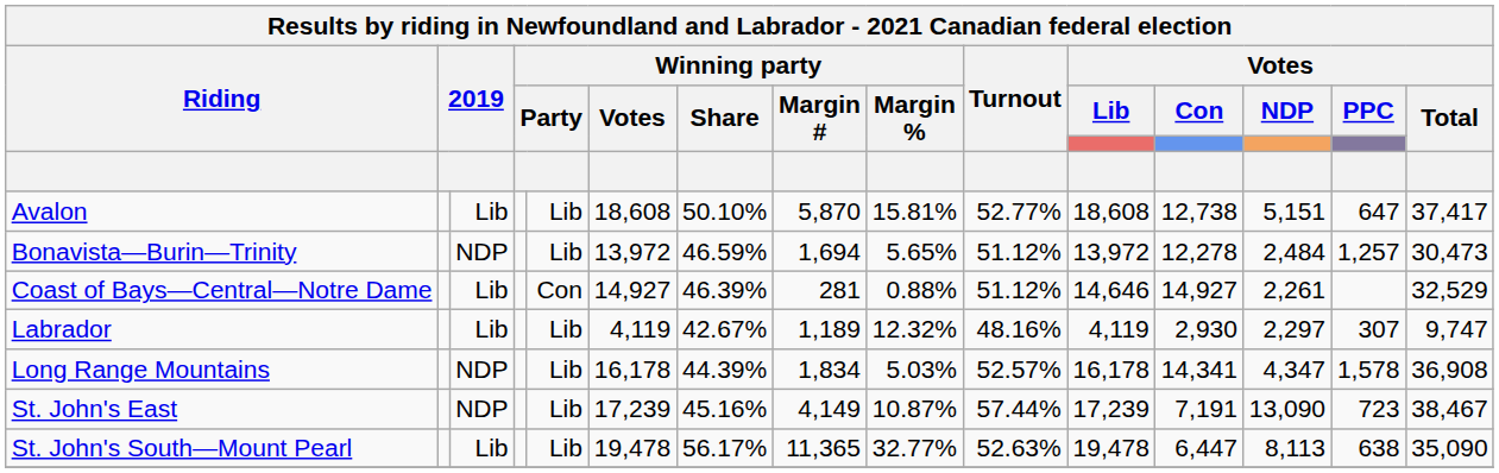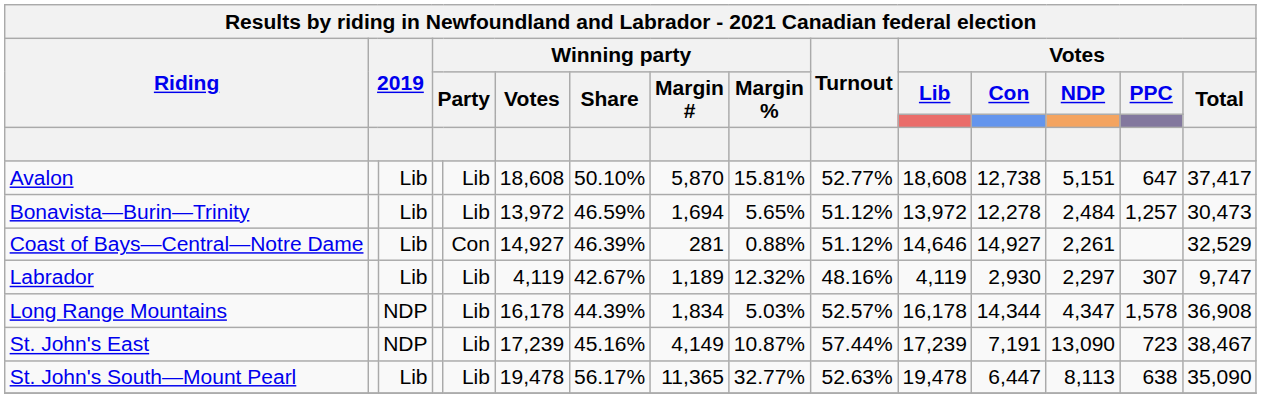 <table class="wikitable sortable mw-collapsible" style="text-align:right; font-size:90%">
 <tr>
 <th colspan="18">Results by riding in Newfoundland and Labrador - 2021 Canadian federal election</th>
 </tr>
 <tr>
 <th rowspan="3" scope="col"><a href='#'>Riding</a></th>
 <th colspan="2" rowspan="3" scope="col"><a href='#'>2019</a></th>
 <th scope="col" colspan="6">Winning party</th>
 <th rowspan="3" scope="col">Turnout<br></th>
 <th scope="col" colspan="8">Votes</th>
 </tr>
 <tr>
 <th colspan="2" rowspan="2" scope="col">Party</th>
 <th rowspan="2" scope="col">Votes</th>
 <th rowspan="2" scope="col">Share</th>
 <th rowspan="2" scope="col">Margin<br>#</th>
 <th rowspan="2" scope="col">Margin<br>%</th>
 <th scope="col"><a href='#'>Lib</a></th>
 <th scope="col"><a href='#'>Con</a></th>
 <th scope="col"><a href='#'>NDP</a></th>
 <th scope="col"><a href='#'>PPC</a></th>
 <th rowspan="2" scope="col">Total</th>
 </tr>
 <tr>
 <th scope="col" style="color:inherit;background-color:#EA6D6A;"></th>
 <th scope="col" style="color:inherit;background-color:#6495ED;"></th>
 <th scope="col" style="color:inherit;background-color:#F4A460;"></th>
 <th scope="col" style="color:inherit;background-color:#83789E;"></th>
 </tr>
 <tr>
 <th> </th>
 <th colspan="2"></th>
 <th colspan="2"></th>
 <th></th>
 <th></th>
 <th></th>
 <th></th>
 <th></th>
 <th></th>
 <th></th>
 <th></th>
 <th></th>
 <th></th>
 </tr>
 <tr>
 <td style="text-align:left;"><a href='#'>Avalon</a></td>
 <td style="color:inherit;background-color:"></td>
 <td>Lib</td>
 <td style="color:inherit;background-color:"></td>
 <td>Lib</td>
 <td>18,608</td>
 <td>50.10%</td>
 <td>5,870</td>
 <td>15.81%</td>
 <td>52.77%</td>
 <td>18,608</td>
 <td>12,738</td>
 <td>5,151</td>
 <td>647</td>
 <td>37,417</td>
 </tr>
 <tr>
 <td style="text-align:left;"><a href='#'> Bonavista—Burin—Trinity</a></td>
 <td style="color:inherit;background-color:"></td>
-<td>NDP</td>
+<td>Lib</td>
 <td style="color:inherit;background-color:"></td>
 <td>Lib</td>
 <td>13,972</td>
 <td>46.59%</td>
 <td>1,694</td>
 <td>5.65%</td>
 <td>51.12%</td>
 <td>13,972</td>
 <td>12,278</td>
 <td>2,484</td>
 <td>1,257</td>
 <td>30,473</td>
 </tr>
 <tr>
 <td style="text-align:left;"><a href='#'>Coast of Bays—Central—Notre Dame</a></td>
 <td style="color:inherit;background-color:"></td>
 <td>Lib</td>
 <td style="color:inherit;background-color:"></td>
 <td>Con</td>
 <td>14,927</td>
 <td>46.39%</td>
 <td>281</td>
 <td>0.88%</td>
 <td>51.12%</td>
 <td>14,646</td>
 <td>14,927</td>
 <td>2,261</td>
 <td></td>
 <td>32,529</td>
 </tr>
 <tr>
 <td style="text-align:left;"><a href='#'>Labrador</a></td>
 <td style="color:inherit;background-color:"></td>
 <td>Lib</td>
 <td style="color:inherit;background-color:"></td>
 <td>Lib</td>
 <td>4,119</td>
 <td>42.67%</td>
 <td>1,189</td>
 <td>12.32%</td>
 <td>48.16%</td>
 <td>4,119</td>
 <td>2,930</td>
 <td>2,297</td>
 <td>307</td>
 <td>9,747</td>
 </tr>
 <tr>
 <td style="text-align:left;"><a href='#'>Long Range Mountains</a></td>
 <td style="color:inherit;background-color:"></td>
 <td>NDP</td>
 <td style="color:inherit;background-color:"></td>
 <td>Lib</td>
 <td>16,178</td>
 <td>44.39%</td>
 <td>1,834</td>
 <td>5.03%</td>
 <td>52.57%</td>
 <td>16,178</td>
-<td>14,341</td>
+<td>14,344</td>
 <td>4,347</td>
 <td>1,578</td>
 <td>36,908</td>
 </tr>
 <tr>
 <td style="text-align:left;"><a href='#'>St. John's East</a></td>
 <td style="color:inherit;background-color:"></td>
 <td>NDP</td>
 <td style="color:inherit;background-color:"></td>
 <td>Lib</td>
 <td>17,239</td>
 <td>45.16%</td>
 <td>4,149</td>
 <td>10.87%</td>
 <td>57.44%</td>
 <td>17,239</td>
 <td>7,191</td>
 <td>13,090</td>
 <td>723</td>
 <td>38,467</td>
 </tr>
 <tr>
 <td style="text-align:left;"><a href='#'>St. John's South—Mount Pearl</a></td>
 <td style="color:inherit;background-color:"></td>
 <td>Lib</td>
 <td style="color:inherit;background-color:"></td>
 <td>Lib</td>
 <td>19,478</td>
 <td>56.17%</td>
 <td>11,365</td>
 <td>32.77%</td>
 <td>52.63%</td>
 <td>19,478</td>
 <td>6,447</td>
 <td>8,113</td>
 <td>638</td>
 <td>35,090</td>
 </tr>
 <tr>
 </tr>
 </table>
